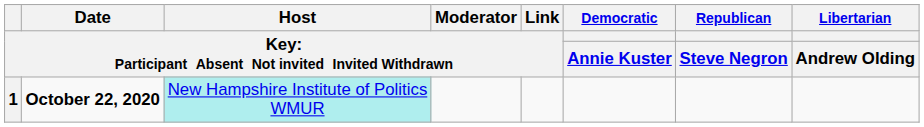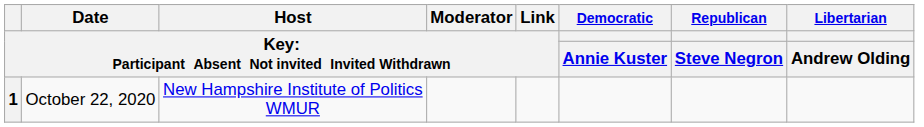 <table class="wikitable" style="text-align:center;">
 <tr>
 <th scope="col"></th>
 <th scope="col">Date</th>
 <th scope="col">Host</th>
 <th scope="col">Moderator</th>
 <th scope="col">Link</th>
 <th scope="col"><small><a href='#'>Democratic</a></small></th>
 <th scope="col"><small><a href='#'>Republican</a></small></th>
 <th scope="col"><small><a href='#'>Libertarian</a></small></th>
 </tr>
 <tr>
 <th colspan="5" rowspan="2">Key:<br> <small>Participant </small>  <small>Absent </small>  <small>Not invited </small>  <small>Invited  Withdrawn</small></th>
 <th scope="col" style="background:"></th>
 <th scope="col" style="background:"></th>
 <th scope="col" style="background:"></th>
 </tr>
 <tr>
 <th scope="col"><a href='#'>Annie Kuster</a></th>
 <th scope="col"><a href='#'>Steve Negron</a></th>
 <th scope="col">Andrew Olding</th>
 </tr>
 <tr>
 <th>1</th>
-<td style="white-space:nowrap;"><strong>October 22, 2020</strong></td>
-<td style="background: paleturquoise; white-space:nowrap;"><a href='#'>New Hampshire Institute of Politics</a><br><a href='#'>WMUR</a></td>
+<td style="white-space:nowrap;">October 22, 2020</td>
+<td style="white-space:nowrap;"><a href='#'>New Hampshire Institute of Politics</a><br><a href='#'>WMUR</a></td>
 <td style="white-space:nowrap;"></td>
 <td style="white-space:nowrap;"></td>
 <td></td>
 <td></td>
 <td></td>
 </tr>
 </table>
